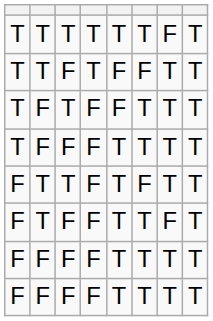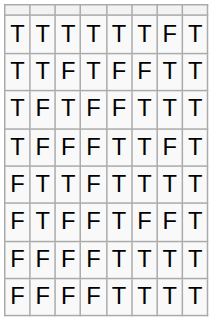 <table class="wikitable" style="text-align: center;">
 <tr>
 <th></th>
 <th></th>
 <th></th>
 <th></th>
 <th></th>
 <th></th>
 <th></th>
 <th></th>
 </tr>
 <tr>
 <td>T</td>
 <td>T</td>
 <td>T</td>
 <td>T</td>
 <td>T</td>
 <td>T</td>
 <td>F</td>
 <td>T</td>
 </tr>
 <tr>
 <td>T</td>
 <td>T</td>
 <td>F</td>
 <td>T</td>
 <td>F</td>
 <td>F</td>
 <td>T</td>
 <td>T</td>
 </tr>
 <tr>
 <td>T</td>
 <td>F</td>
 <td>T</td>
 <td>F</td>
 <td>F</td>
 <td>T</td>
 <td>T</td>
 <td>T</td>
 </tr>
 <tr>
 <td>T</td>
 <td>F</td>
 <td>F</td>
 <td>F</td>
 <td>T</td>
 <td>T</td>
-<td>T</td>
+<td>F</td>
 <td>T</td>
 </tr>
 <tr>
 <td>F</td>
 <td>T</td>
 <td>T</td>
 <td>F</td>
 <td>T</td>
-<td>F</td>
+<td>T</td>
 <td>T</td>
 <td>T</td>
 </tr>
 <tr>
 <td>F</td>
 <td>T</td>
 <td>F</td>
 <td>F</td>
 <td>T</td>
-<td>T</td>
+<td>F</td>
 <td>F</td>
 <td>T</td>
 </tr>
 <tr>
 <td>F</td>
 <td>F</td>
 <td>F</td>
 <td>F</td>
 <td>T</td>
 <td>T</td>
 <td>T</td>
 <td>T</td>
 </tr>
 <tr>
 <td>F</td>
 <td>F</td>
 <td>F</td>
 <td>F</td>
 <td>T</td>
 <td>T</td>
 <td>T</td>
 <td>T</td>
 </tr>
 </table>
